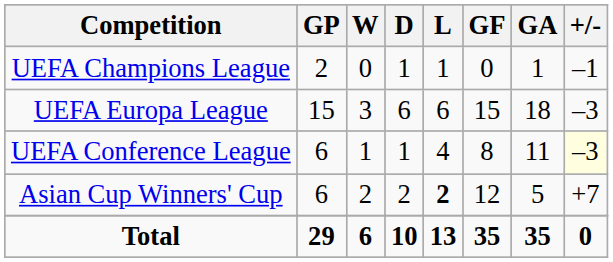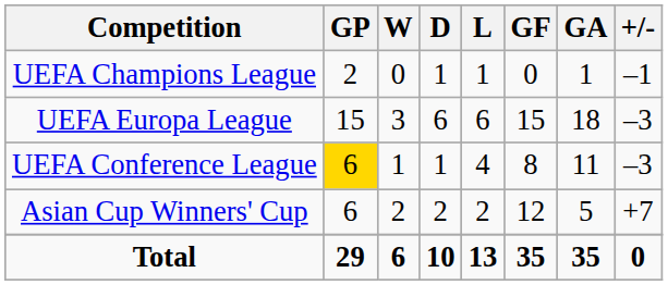 <table class="wikitable" style="text-align:center">
 <tr>
 <th>Competition</th>
 <th>GP</th>
 <th>W</th>
 <th>D</th>
 <th>L</th>
 <th>GF</th>
 <th>GA</th>
 <th>+/-</th>
 </tr>
 <tr>
 <td><a href='#'>UEFA Champions League</a></td>
 <td>2</td>
 <td>0</td>
 <td>1</td>
 <td>1</td>
 <td>0</td>
 <td>1</td>
 <td>–1</td>
 </tr>
 <tr>
 <td><a href='#'>UEFA Europa League</a></td>
 <td>15</td>
 <td>3</td>
 <td>6</td>
 <td>6</td>
 <td>15</td>
 <td>18</td>
 <td>–3</td>
 </tr>
 <tr>
 <td><a href='#'>UEFA Conference League</a></td>
-<td>6</td>
+<td style="background: gold;">6</td>
 <td>1</td>
 <td>1</td>
 <td>4</td>
 <td>8</td>
 <td>11</td>
-<td style="background: lightyellow;">–3</td>
+<td>–3</td>
 </tr>
 <tr>
 <td><a href='#'>Asian Cup Winners' Cup</a></td>
 <td>6</td>
 <td>2</td>
 <td>2</td>
-<td><strong>2</strong></td>
+<td>2</td>
 <td>12</td>
 <td>5</td>
 <td>+7</td>
 </tr>
 <tr>
 </tr>
 <tr class="unsortable">
 <td><strong>Total</strong></td>
 <td><strong>29</strong></td>
 <td><strong>6</strong></td>
 <td><strong>10</strong></td>
 <td><strong>13</strong></td>
 <td><strong>35</strong></td>
 <td><strong>35</strong></td>
 <td><strong>0</strong></td>
 </tr>
 </table>
